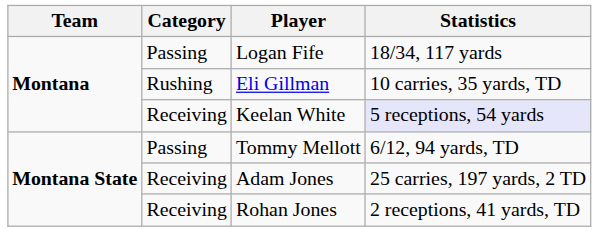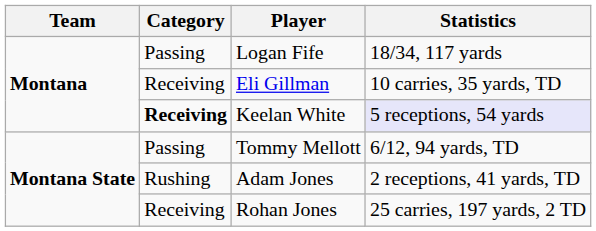 <table class="wikitable" style="float: right;">
 <tr>
 <th>Team</th>
 <th>Category</th>
 <th>Player</th>
 <th>Statistics</th>
 </tr>
 <tr>
 <td rowspan=3><strong>Montana</strong></td>
 <td>Passing</td>
 <td>Logan Fife</td>
 <td>18/34, 117 yards</td>
 </tr>
 <tr>
-<td>Rushing</td>
+<td>Receiving</td>
 <td><a href='#'>Eli Gillman</a></td>
 <td>10 carries, 35 yards, TD</td>
 </tr>
 <tr>
-<td>Receiving</td>
+<td><strong>Receiving</strong></td>
 <td>Keelan White</td>
 <td style="background: lavender;">5 receptions, 54 yards</td>
 </tr>
 <tr>
 <td rowspan=3><strong>Montana State</strong></td>
 <td>Passing</td>
 <td>Tommy Mellott</td>
 <td>6/12, 94 yards, TD</td>
 </tr>
 <tr>
-<td>Receiving</td>
+<td>Rushing</td>
 <td>Adam Jones</td>
-<td>25 carries, 197 yards, 2 TD</td>
+<td>2 receptions, 41 yards, TD</td>
 </tr>
 <tr>
 <td>Receiving</td>
 <td>Rohan Jones</td>
-<td>2 receptions, 41 yards, TD</td>
+<td>25 carries, 197 yards, 2 TD</td>
 </tr>
 </table>
